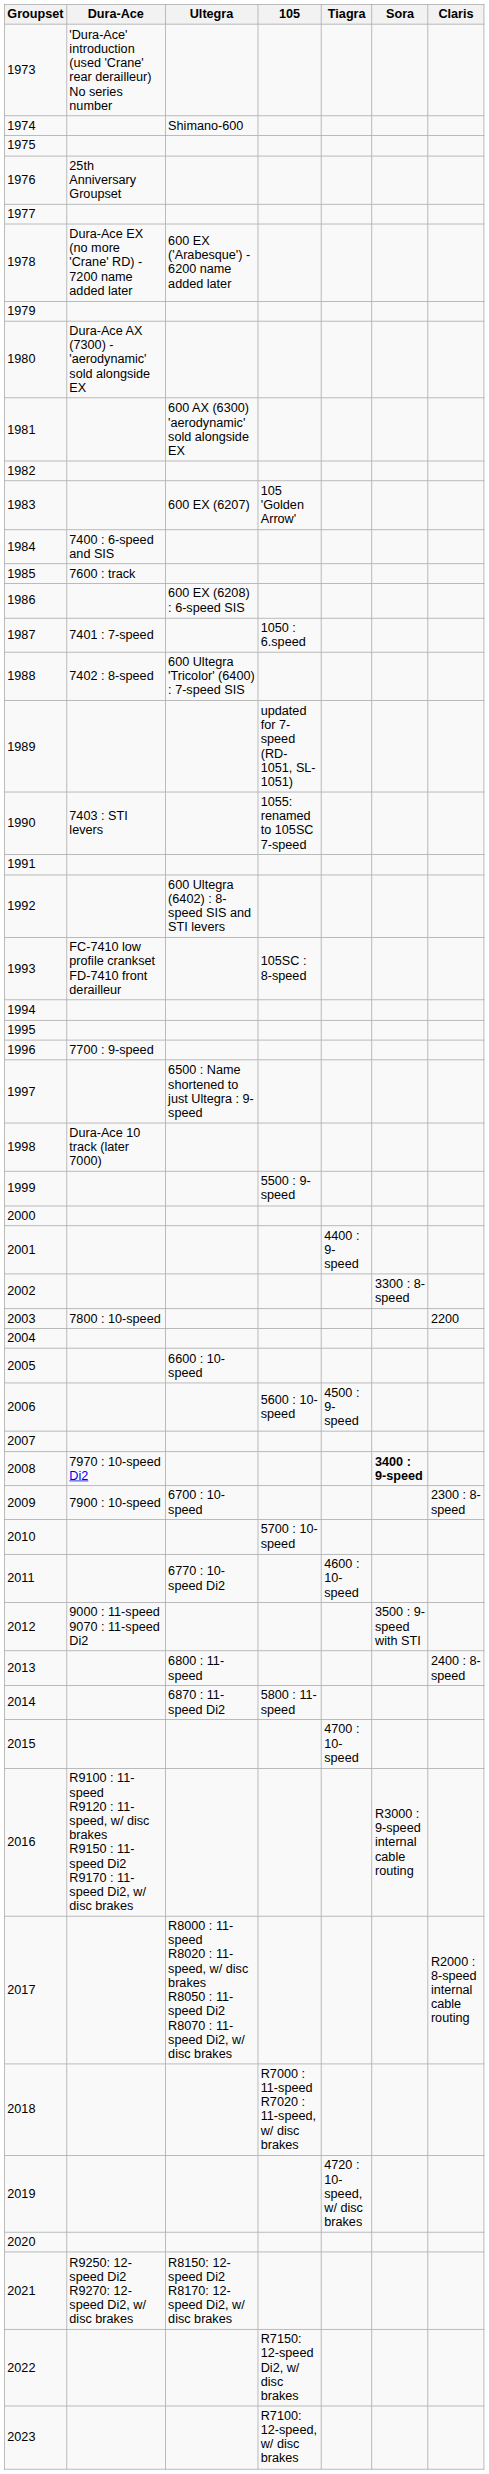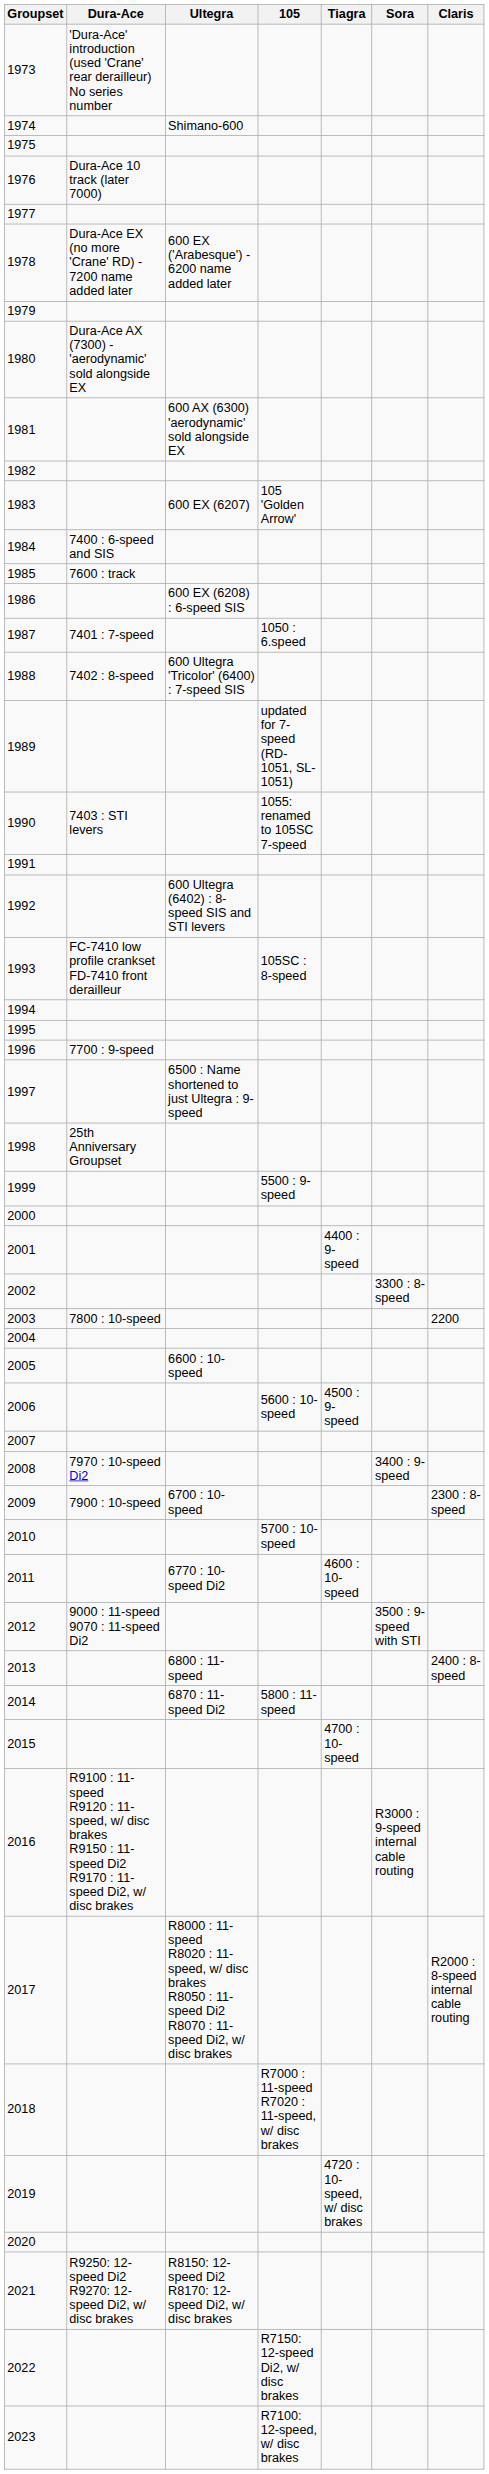 <table class="wikitable sortable">
 <tr>
 <th>Groupset</th>
 <th>Dura-Ace</th>
 <th>Ultegra</th>
 <th>105</th>
 <th>Tiagra</th>
 <th>Sora</th>
 <th>Claris</th>
 </tr>
 <tr>
 <td>1973</td>
 <td>'Dura-Ace' introduction (used 'Crane' rear derailleur) No series number</td>
 <td></td>
 <td></td>
 <td></td>
 <td></td>
 <td></td>
 </tr>
 <tr>
 <td>1974</td>
 <td></td>
 <td>Shimano-600</td>
 <td></td>
 <td></td>
 <td></td>
 <td></td>
 </tr>
 <tr>
 <td>1975</td>
 <td></td>
 <td></td>
 <td></td>
 <td></td>
 <td></td>
 <td></td>
 </tr>
 <tr>
 <td>1976</td>
-<td>25th Anniversary Groupset</td>
+<td>Dura-Ace 10 track (later 7000)</td>
 <td></td>
 <td></td>
 <td></td>
 <td></td>
 <td></td>
 </tr>
 <tr>
 <td>1977</td>
 <td></td>
 <td></td>
 <td></td>
 <td></td>
 <td></td>
 <td></td>
 </tr>
 <tr>
 <td>1978</td>
 <td>Dura-Ace EX (no more 'Crane' RD) - 7200 name added later</td>
 <td>600 EX ('Arabesque') - 6200 name added later</td>
 <td></td>
 <td></td>
 <td></td>
 <td></td>
 </tr>
 <tr>
 <td>1979</td>
 <td></td>
 <td></td>
 <td></td>
 <td></td>
 <td></td>
 <td></td>
 </tr>
 <tr>
 <td>1980</td>
 <td>Dura-Ace AX (7300) - 'aerodynamic' sold alongside EX</td>
 <td></td>
 <td></td>
 <td></td>
 <td></td>
 <td></td>
 </tr>
 <tr>
 <td>1981</td>
 <td></td>
 <td>600 AX (6300) 'aerodynamic' sold alongside EX</td>
 <td></td>
 <td></td>
 <td></td>
 <td></td>
 </tr>
 <tr>
 <td>1982</td>
 <td></td>
 <td></td>
 <td></td>
 <td></td>
 <td></td>
 <td></td>
 </tr>
 <tr>
 <td>1983</td>
 <td></td>
 <td>600 EX (6207)</td>
 <td>105 'Golden Arrow'</td>
 <td></td>
 <td></td>
 <td></td>
 </tr>
 <tr>
 <td>1984</td>
 <td>7400 : 6-speed and SIS</td>
 <td></td>
 <td></td>
 <td></td>
 <td></td>
 <td></td>
 </tr>
 <tr>
 <td>1985</td>
 <td>7600 : track</td>
 <td></td>
 <td></td>
 <td></td>
 <td></td>
 <td></td>
 </tr>
 <tr>
 <td>1986</td>
 <td></td>
 <td>600 EX (6208) : 6-speed SIS</td>
 <td></td>
 <td></td>
 <td></td>
 <td></td>
 </tr>
 <tr>
 <td>1987</td>
 <td>7401 : 7-speed</td>
 <td></td>
 <td>1050 : 6.speed</td>
 <td></td>
 <td></td>
 <td></td>
 </tr>
 <tr>
 <td>1988</td>
 <td>7402 : 8-speed</td>
 <td>600 Ultegra 'Tricolor' (6400) : 7-speed SIS</td>
 <td></td>
 <td></td>
 <td></td>
 <td></td>
 </tr>
 <tr>
 <td>1989</td>
 <td></td>
 <td></td>
 <td>updated for 7-speed<br>(RD-1051, SL-1051)</td>
 <td></td>
 <td></td>
 <td></td>
 </tr>
 <tr>
 <td>1990</td>
 <td>7403 : STI levers</td>
 <td></td>
 <td>1055: renamed to 105SC<br>7-speed</td>
 <td></td>
 <td></td>
 <td></td>
 </tr>
 <tr>
 <td>1991</td>
 <td></td>
 <td></td>
 <td></td>
 <td></td>
 <td></td>
 <td></td>
 </tr>
 <tr>
 <td>1992</td>
 <td></td>
 <td>600 Ultegra (6402) : 8-speed SIS and STI levers</td>
 <td></td>
 <td></td>
 <td></td>
 <td></td>
 </tr>
 <tr>
 <td>1993</td>
 <td>FC-7410 low profile crankset<br>FD-7410 front derailleur</td>
 <td></td>
 <td>105SC : 8-speed</td>
 <td></td>
 <td></td>
 <td></td>
 </tr>
 <tr>
 <td>1994</td>
 <td></td>
 <td></td>
 <td></td>
 <td></td>
 <td></td>
 <td></td>
 </tr>
 <tr>
 <td>1995</td>
 <td></td>
 <td></td>
 <td></td>
 <td></td>
 <td></td>
 <td></td>
 </tr>
 <tr>
 <td>1996</td>
 <td>7700 : 9-speed</td>
 <td></td>
 <td></td>
 <td></td>
 <td></td>
 <td></td>
 </tr>
 <tr>
 <td>1997</td>
 <td></td>
 <td>6500 : Name shortened to just Ultegra : 9-speed</td>
 <td></td>
 <td></td>
 <td></td>
 <td></td>
 </tr>
 <tr>
 <td>1998</td>
-<td>Dura-Ace 10 track (later 7000)</td>
+<td>25th Anniversary Groupset</td>
 <td></td>
 <td></td>
 <td></td>
 <td></td>
 <td></td>
 </tr>
 <tr>
 <td>1999</td>
 <td></td>
 <td></td>
 <td>5500 : 9-speed</td>
 <td></td>
 <td></td>
 <td></td>
 </tr>
 <tr>
 <td>2000</td>
 <td></td>
 <td></td>
 <td></td>
 <td></td>
 <td></td>
 <td></td>
 </tr>
 <tr>
 <td>2001</td>
 <td></td>
 <td></td>
 <td></td>
 <td>4400 : 9-speed</td>
 <td></td>
 <td></td>
 </tr>
 <tr>
 <td>2002</td>
 <td></td>
 <td></td>
 <td></td>
 <td></td>
 <td>3300 : 8-speed</td>
 <td></td>
 </tr>
 <tr>
 <td>2003</td>
 <td>7800 : 10-speed</td>
 <td></td>
 <td></td>
 <td></td>
 <td></td>
 <td>2200</td>
 </tr>
 <tr>
 <td>2004</td>
 <td></td>
 <td></td>
 <td></td>
 <td></td>
 <td></td>
 <td></td>
 </tr>
 <tr>
 <td>2005</td>
 <td></td>
 <td>6600 : 10-speed</td>
 <td></td>
 <td></td>
 <td></td>
 <td></td>
 </tr>
 <tr>
 <td>2006</td>
 <td></td>
 <td></td>
 <td>5600 : 10-speed</td>
 <td>4500 : 9-speed</td>
 <td></td>
 <td></td>
 </tr>
 <tr>
 <td>2007</td>
 <td></td>
 <td></td>
 <td></td>
 <td></td>
 <td></td>
 <td></td>
 </tr>
 <tr>
 <td>2008</td>
 <td>7970 : 10-speed <a href='#'>Di2</a></td>
 <td></td>
 <td></td>
 <td></td>
-<td><strong>3400 : 9-speed</strong></td>
+<td>3400 : 9-speed</td>
 <td></td>
 </tr>
 <tr>
 <td>2009</td>
 <td>7900 : 10-speed</td>
 <td>6700 : 10-speed</td>
 <td></td>
 <td></td>
 <td></td>
 <td>2300 : 8-speed</td>
 </tr>
 <tr>
 <td>2010</td>
 <td></td>
 <td></td>
 <td>5700 : 10-speed</td>
 <td></td>
 <td></td>
 <td></td>
 </tr>
 <tr>
 <td>2011</td>
 <td></td>
 <td>6770 : 10-speed Di2</td>
 <td></td>
 <td>4600 : 10-speed</td>
 <td></td>
 <td></td>
 </tr>
 <tr>
 <td>2012</td>
 <td>9000 : 11-speed<br>9070 : 11-speed Di2</td>
 <td></td>
 <td></td>
 <td></td>
 <td>3500  : 9-speed with STI</td>
 <td></td>
 </tr>
 <tr>
 <td>2013</td>
 <td></td>
 <td>6800 : 11-speed</td>
 <td></td>
 <td></td>
 <td></td>
 <td>2400 : 8-speed</td>
 </tr>
 <tr>
 <td>2014</td>
 <td></td>
 <td>6870 : 11-speed Di2</td>
 <td>5800 : 11-speed</td>
 <td></td>
 <td></td>
 <td></td>
 </tr>
 <tr>
 <td>2015</td>
 <td></td>
 <td></td>
 <td></td>
 <td>4700 : 10-speed</td>
 <td></td>
 <td></td>
 </tr>
 <tr>
 <td>2016</td>
 <td>R9100 : 11-speed <br>R9120 : 11-speed, w/ disc brakes <br>R9150 : 11-speed Di2<br>R9170 : 11-speed Di2, w/ disc brakes</td>
 <td></td>
 <td></td>
 <td></td>
 <td>R3000 : 9-speed internal cable routing</td>
 <td></td>
 </tr>
 <tr>
 <td>2017</td>
 <td></td>
 <td>R8000 : 11-speed <br>R8020 : 11-speed, w/ disc brakes <br>R8050 : 11-speed Di2<br>R8070 : 11-speed Di2, w/ disc brakes</td>
 <td></td>
 <td></td>
 <td></td>
 <td>R2000 : 8-speed internal cable routing</td>
 </tr>
 <tr>
 <td>2018</td>
 <td></td>
 <td></td>
 <td>R7000 : 11-speed <br>R7020 : 11-speed, w/ disc brakes</td>
 <td></td>
 <td></td>
 <td></td>
 </tr>
 <tr>
 <td>2019</td>
 <td></td>
 <td></td>
 <td></td>
 <td>4720 : 10-speed, w/ disc brakes</td>
 <td></td>
 <td></td>
 </tr>
 <tr>
 <td>2020</td>
 <td></td>
 <td></td>
 <td></td>
 <td></td>
 <td></td>
 <td></td>
 </tr>
 <tr>
 <td>2021</td>
 <td>R9250: 12-speed Di2 <br>R9270: 12-speed Di2, w/ disc brakes</td>
 <td>R8150: 12-speed Di2 <br>R8170: 12-speed Di2, w/ disc brakes</td>
 <td></td>
 <td></td>
 <td></td>
 <td></td>
 </tr>
 <tr>
 <td>2022</td>
 <td></td>
 <td></td>
 <td>R7150: 12-speed Di2, w/ disc brakes </td>
 <td></td>
 <td></td>
 <td></td>
 </tr>
 <tr>
 <td>2023</td>
 <td></td>
 <td></td>
 <td>R7100: 12-speed, w/ disc brakes </td>
 <td></td>
 <td></td>
 <td></td>
 </tr>
 </table>
